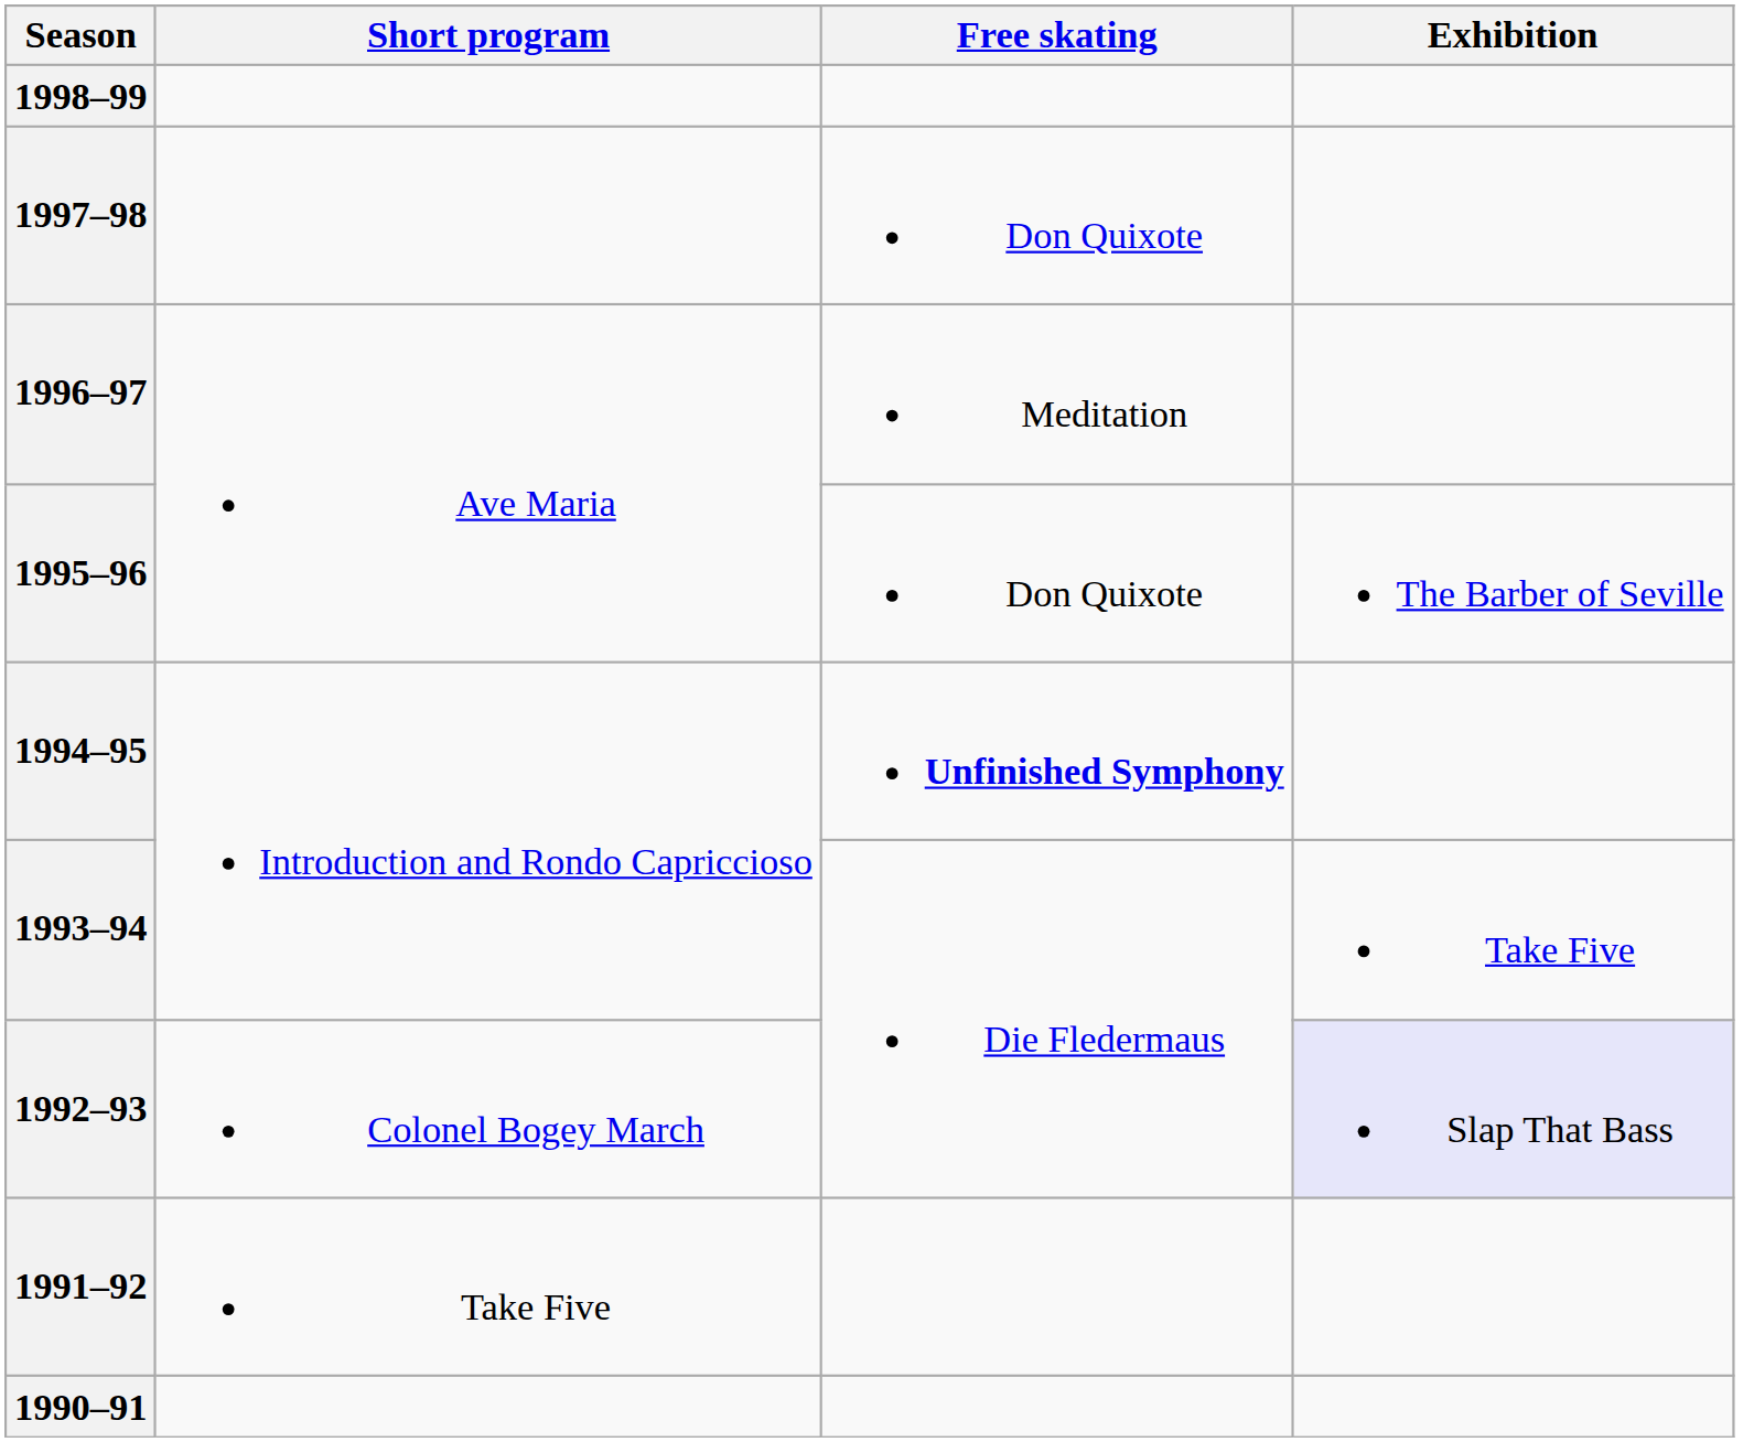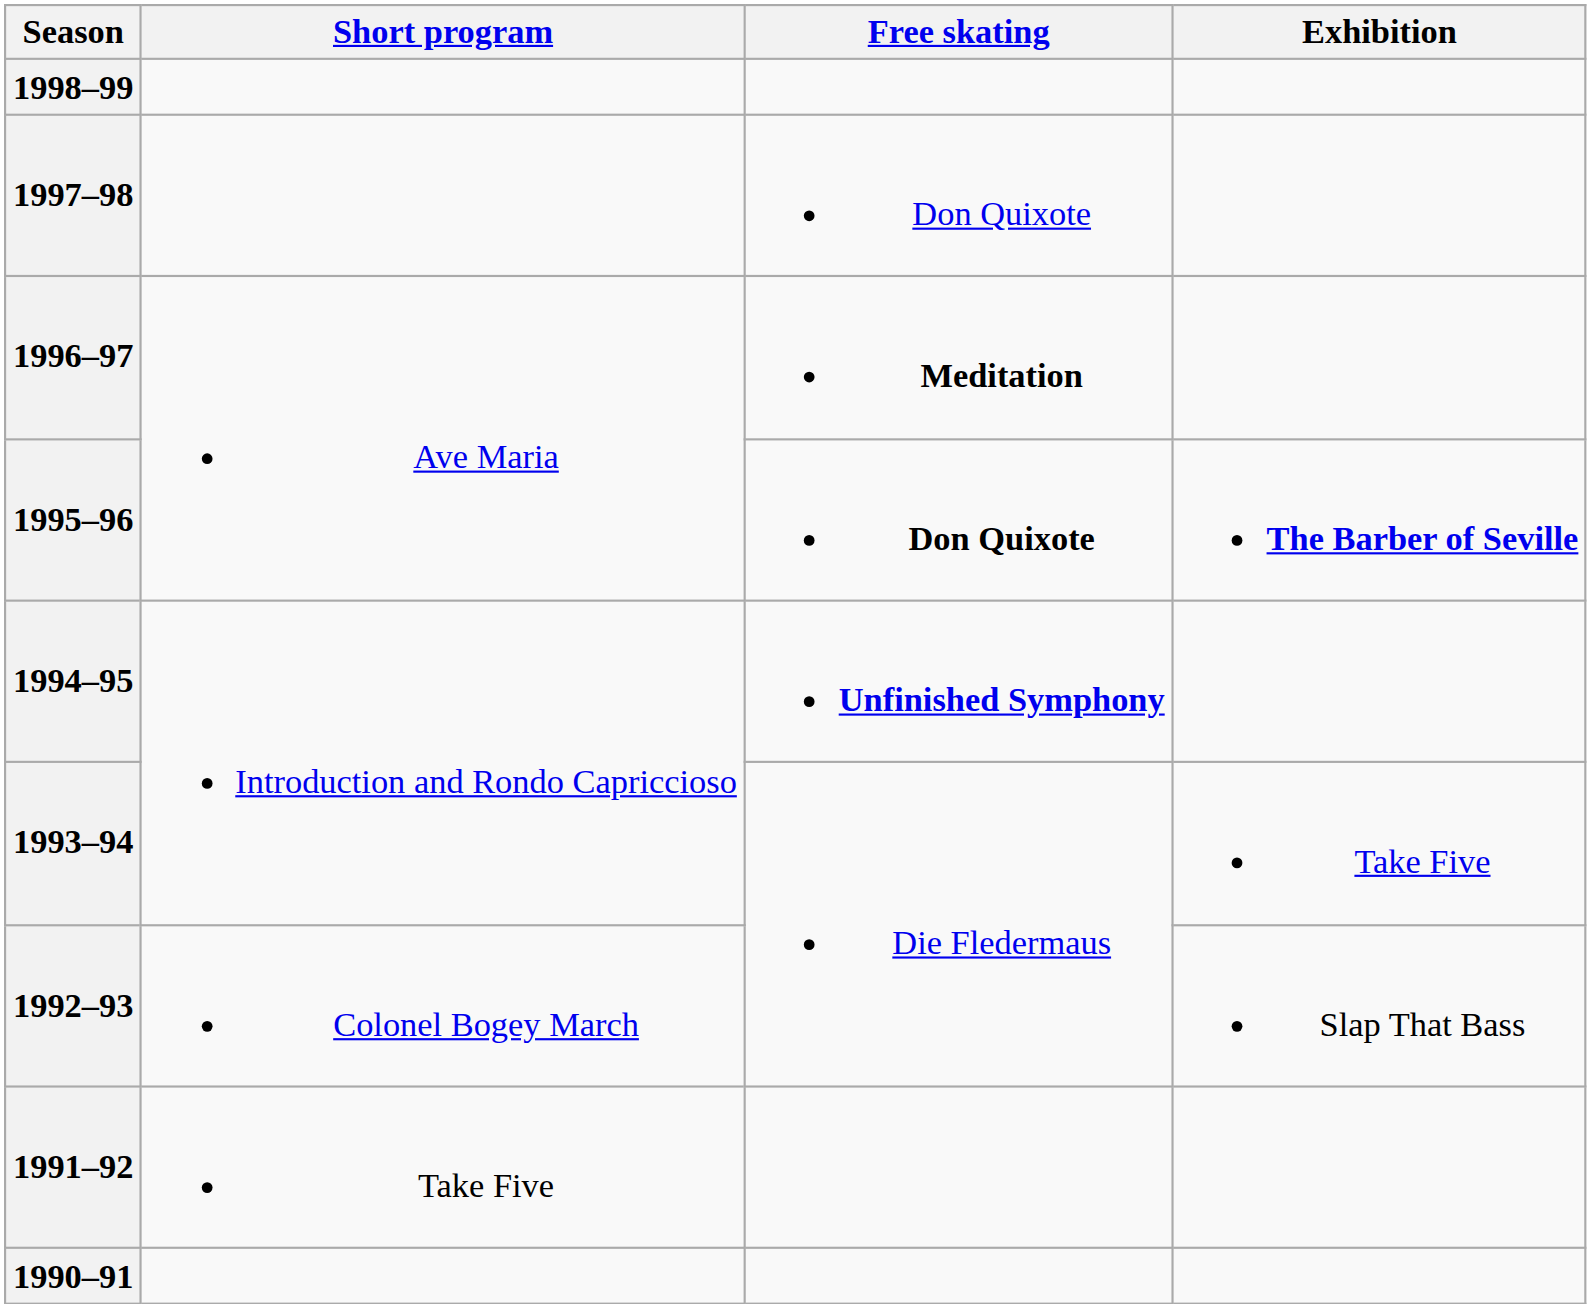 <table class="wikitable" style="text-align:center">
 <tr>
 <th>Season</th>
 <th><a href='#'>Short program</a></th>
 <th><a href='#'>Free skating</a></th>
 <th>Exhibition</th>
 </tr>
 <tr>
 <th>1998–99</th>
 <td></td>
 <td></td>
 <td></td>
 </tr>
 <tr>
 <th>1997–98</th>
 <td></td>
 <td><br><ul><li><a href='#'>Don Quixote</a> <br></li></ul></td>
 <td></td>
 </tr>
 <tr>
 <th>1996–97</th>
 <td rowspan=2><br><ul><li><a href='#'>Ave Maria</a> <br></li></ul></td>
-<td><br><ul><li>Meditation <br></li></ul></td>
+<td><strong><br><ul><li>Meditation <br></li></ul></strong></td>
 <td></td>
 </tr>
 <tr>
 <th>1995–96</th>
-<td><br><ul><li>Don Quixote <br></li></ul></td>
-<td><br><ul><li><a href='#'>The Barber of Seville</a> <br></li></ul></td>
+<td><strong><br><ul><li>Don Quixote <br></li></ul></strong></td>
+<td><strong><br><ul><li><a href='#'>The Barber of Seville</a> <br></li></ul></strong></td>
 </tr>
 <tr>
 <th>1994–95</th>
 <td rowspan=2><br><ul><li><a href='#'>Introduction and Rondo Capriccioso</a> <br></li></ul></td>
 <td><strong><br><ul><li><a href='#'>Unfinished Symphony</a> <br></li></ul></strong></td>
 <td></td>
 </tr>
 <tr>
 <th>1993–94</th>
 <td rowspan=2><br><ul><li><a href='#'>Die Fledermaus</a> <br></li></ul></td>
 <td><br><ul><li><a href='#'>Take Five</a> <br></li></ul></td>
 </tr>
 <tr>
 <th>1992–93</th>
 <td><br><ul><li><a href='#'>Colonel Bogey March</a> <br></li></ul></td>
-<td style="background: lavender;"><br><ul><li>Slap That Bass</li></ul></td>
+<td><br><ul><li>Slap That Bass</li></ul></td>
 </tr>
 <tr>
 <th>1991–92</th>
 <td><br><ul><li>Take Five <br></li></ul></td>
 <td></td>
 <td></td>
 </tr>
 <tr>
 <th>1990–91</th>
 <td></td>
 <td></td>
 <td></td>
 </tr>
 </table>
